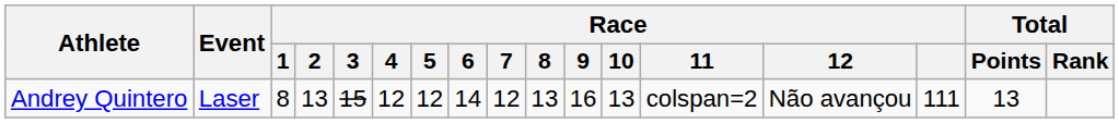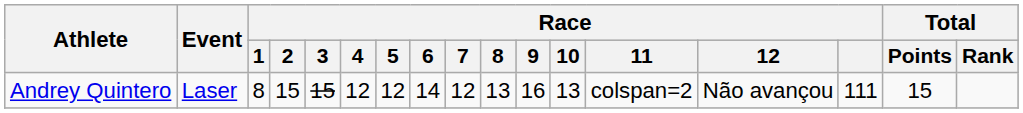 <table class=wikitable style=font-size:90%;text-align:center>
 <tr>
 <th rowspan=2>Athlete</th>
 <th rowspan=2>Event</th>
 <th colspan=13>Race</th>
 <th colspan=2>Total</th>
 </tr>
 <tr style=font-size:95%>
 <th>1</th>
 <th>2</th>
 <th>3</th>
 <th>4</th>
 <th>5</th>
 <th>6</th>
 <th>7</th>
 <th>8</th>
 <th>9</th>
 <th>10</th>
 <th>11</th>
 <th>12</th>
 <th></th>
 <th>Points</th>
 <th>Rank</th>
 </tr>
 <tr>
 <td align=left><a href='#'>Andrey Quintero</a></td>
 <td align=left><a href='#'>Laser</a></td>
 <td>8</td>
-<td>13</td>
+<td>15</td>
 <td><s>15</s></td>
 <td>12</td>
 <td>12</td>
 <td>14</td>
 <td>12</td>
 <td>13</td>
 <td>16</td>
 <td>13</td>
 <td>colspan=2 </td>
 <td>Não avançou</td>
 <td>111</td>
-<td>13</td>
+<td>15</td>
 </tr>
 </table>
